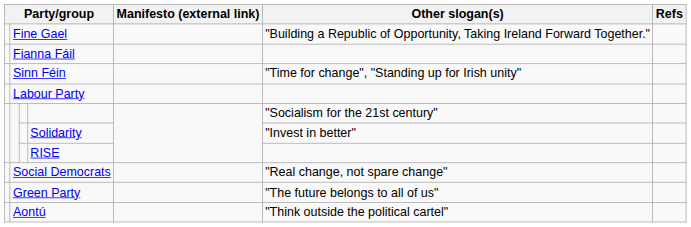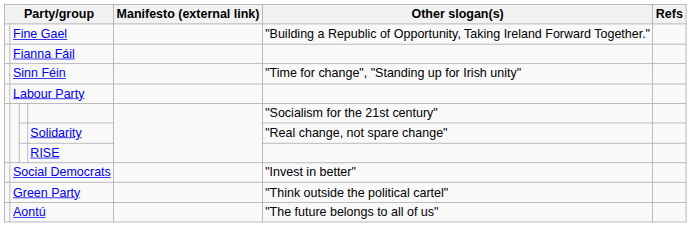 <table class="wikitable sortable">
 <tr>
 <th colspan=4 class="unsortable">Party/group</th>
 <th class="unsortable">Manifesto (external link)</th>
 <th class="unsortable">Other slogan(s)</th>
 <th class="unsortable">Refs</th>
 </tr>
 <tr>
 <td style="background:"></td>
 <td colspan=3><a href='#'>Fine Gael</a></td>
 <td><em></em></td>
 <td>"Building a Republic of Opportunity, Taking Ireland Forward Together."</td>
 <td></td>
 </tr>
 <tr>
 <td style="background:"></td>
 <td colspan="3"><a href='#'>Fianna Fáil</a></td>
 <td><em></em></td>
 <td></td>
 <td></td>
 </tr>
 <tr>
 <td style="background:"></td>
 <td colspan="3"><a href='#'>Sinn Féin</a></td>
 <td><em></em></td>
 <td>"Time for change", "Standing up for Irish unity"</td>
 <td></td>
 </tr>
 <tr>
 <td style="background:"></td>
 <td colspan="3"><a href='#'>Labour Party</a></td>
 <td><em> </em></td>
 <td></td>
 <td></td>
 </tr>
 <tr>
 <td rowspan="3" style="background:"></td>
 <td rowspan="3"></td>
 <td style="background:"></td>
 <td></td>
 <td rowspan=3><em> </em></td>
 <td>"Socialism for the 21st century"</td>
 <td></td>
 </tr>
 <tr>
 <td style="background:"></td>
 <td><a href='#'>Solidarity</a></td>
-<td>"Invest in better"</td>
+<td>"Real change, not spare change"</td>
 <td></td>
 </tr>
 <tr>
 <td style="background:"></td>
 <td><a href='#'>RISE</a></td>
 <td></td>
 <td></td>
 </tr>
 <tr>
 <td style="background:"></td>
 <td colspan="3"><a href='#'>Social Democrats</a></td>
 <td><em></em></td>
-<td>"Real change, not spare change"</td>
+<td>"Invest in better"</td>
 <td></td>
 </tr>
 <tr>
 <td style="background:"></td>
 <td colspan=3><a href='#'>Green Party</a></td>
 <td><em> </em></td>
-<td>"The future belongs to all of us"</td>
+<td>"Think outside the political cartel"</td>
 <td></td>
 </tr>
 <tr>
 <td style="background:"></td>
 <td colspan=3><a href='#'>Aontú</a></td>
 <td></td>
-<td>"Think outside the political cartel"</td>
+<td>"The future belongs to all of us"</td>
 <td></td>
 </tr>
 </table>
